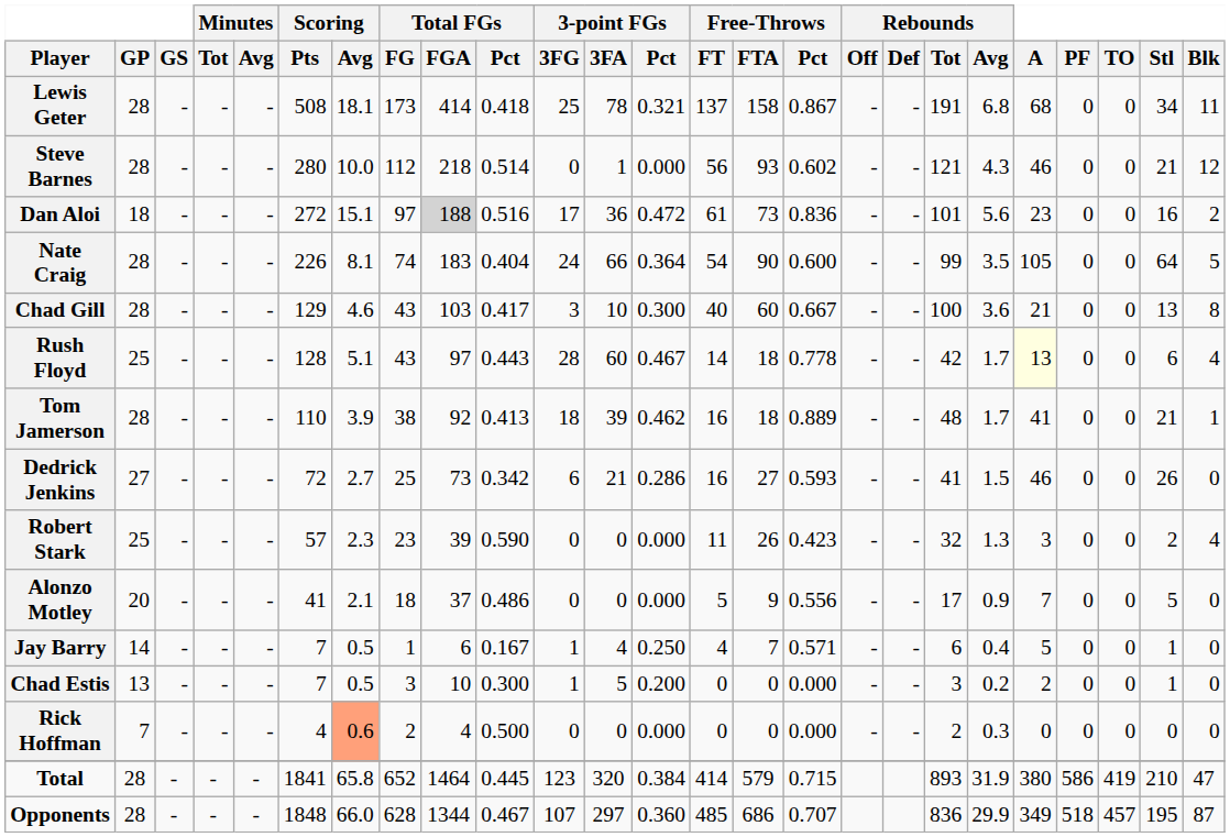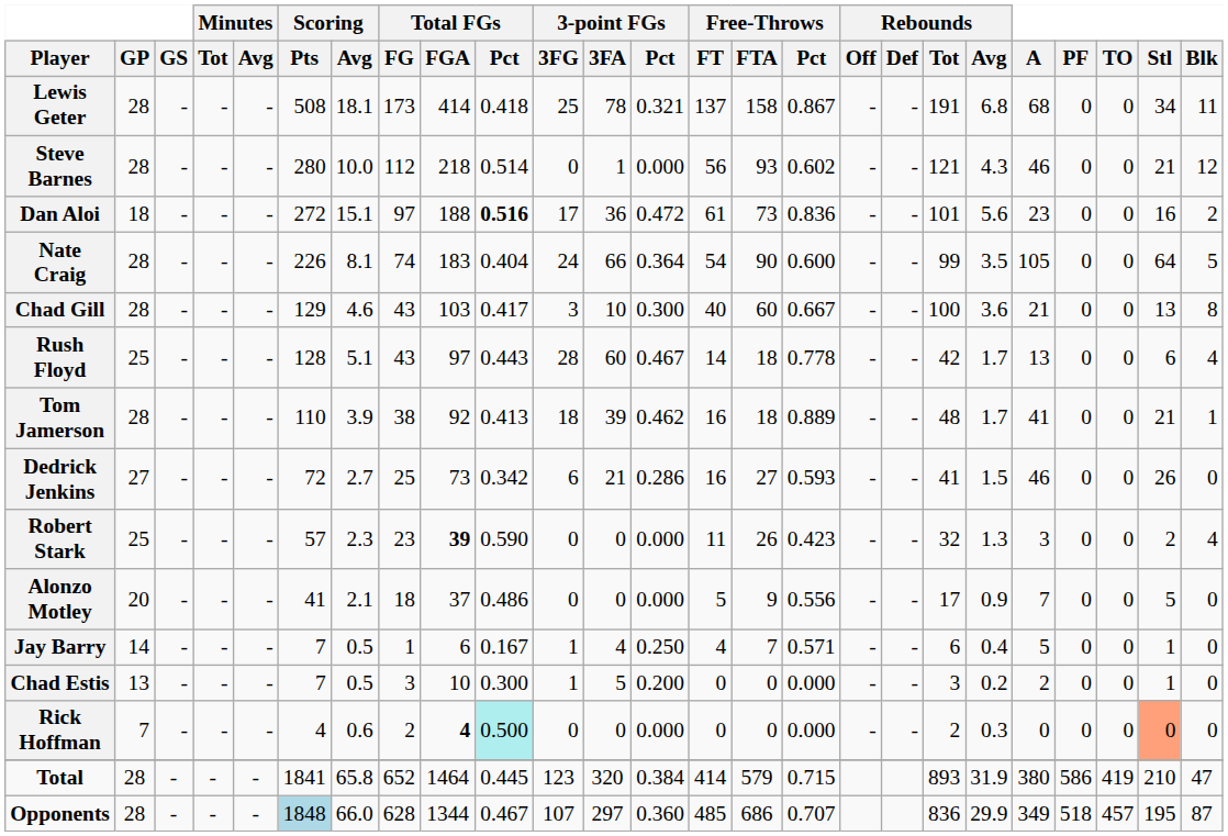 <table class="wikitable sortable" border="1" style="font-size:90%;">
 <tr>
 <th colspan="3" style="border-top-style:hidden; border-left-style:hidden; background: white;"></th>
 <th colspan="2" style=>Minutes</th>
 <th colspan="2" style=>Scoring</th>
 <th colspan="3" style=>Total FGs</th>
 <th colspan="3" style=>3-point FGs</th>
 <th colspan="3" style=>Free-Throws</th>
 <th colspan="4" style=>Rebounds</th>
 <th colspan="5" style="border-top-style:hidden; border-right-style:hidden; background: white;"></th>
 </tr>
 <tr>
 <th scope="col" style=>Player</th>
 <th scope="col" style=>GP</th>
 <th scope="col" style=>GS</th>
 <th scope="col" style=>Tot</th>
 <th scope="col" style=>Avg</th>
 <th scope="col" style=>Pts</th>
 <th scope="col" style=>Avg</th>
 <th scope="col" style=>FG</th>
 <th scope="col" style=>FGA</th>
 <th scope="col" style=>Pct</th>
 <th scope="col" style=>3FG</th>
 <th scope="col" style=>3FA</th>
 <th scope="col" style=>Pct</th>
 <th scope="col" style=>FT</th>
 <th scope="col" style=>FTA</th>
 <th scope="col" style=>Pct</th>
 <th scope="col" style=>Off</th>
 <th scope="col" style=>Def</th>
 <th scope="col" style=>Tot</th>
 <th scope="col" style=>Avg</th>
 <th scope="col" style=>A</th>
 <th scope="col" style=>PF</th>
 <th scope="col" style=>TO</th>
 <th scope="col" style=>Stl</th>
 <th scope="col" style=>Blk</th>
 </tr>
 <tr>
 <th>Lewis Geter</th>
 <td align="right">28</td>
 <td align="right">-</td>
 <td align="right">-</td>
 <td align="right">-</td>
 <td align="right">508</td>
 <td align="right">18.1</td>
 <td align="right">173</td>
 <td align="right">414</td>
 <td align="right">0.418</td>
 <td align="right">25</td>
 <td align="right">78</td>
 <td align="right">0.321</td>
 <td align="right">137</td>
 <td align="right">158</td>
 <td align="right">0.867</td>
 <td align="right">-</td>
 <td align="right">-</td>
 <td align="right">191</td>
 <td align="right">6.8</td>
 <td align="right">68</td>
 <td align="right">0</td>
 <td align="right">0</td>
 <td align="right">34</td>
 <td align="right">11</td>
 </tr>
 <tr>
 <th>Steve Barnes</th>
 <td align="right">28</td>
 <td align="right">-</td>
 <td align="right">-</td>
 <td align="right">-</td>
 <td align="right">280</td>
 <td align="right">10.0</td>
 <td align="right">112</td>
 <td align="right">218</td>
 <td align="right">0.514</td>
 <td align="right">0</td>
 <td align="right">1</td>
 <td align="right">0.000</td>
 <td align="right">56</td>
 <td align="right">93</td>
 <td align="right">0.602</td>
 <td align="right">-</td>
 <td align="right">-</td>
 <td align="right">121</td>
 <td align="right">4.3</td>
 <td align="right">46</td>
 <td align="right">0</td>
 <td align="right">0</td>
 <td align="right">21</td>
 <td align="right">12</td>
 </tr>
 <tr>
 <th>Dan Aloi</th>
 <td align="right">18</td>
 <td align="right">-</td>
 <td align="right">-</td>
 <td align="right">-</td>
 <td align="right">272</td>
 <td align="right">15.1</td>
 <td align="right">97</td>
-<td align="right" style="background: lightgrey;">188</td>
-<td align="right">0.516</td>
+<td align="right">188</td>
+<td align="right"><strong>0.516</strong></td>
 <td align="right">17</td>
 <td align="right">36</td>
 <td align="right">0.472</td>
 <td align="right">61</td>
 <td align="right">73</td>
 <td align="right">0.836</td>
 <td align="right">-</td>
 <td align="right">-</td>
 <td align="right">101</td>
 <td align="right">5.6</td>
 <td align="right">23</td>
 <td align="right">0</td>
 <td align="right">0</td>
 <td align="right">16</td>
 <td align="right">2</td>
 </tr>
 <tr>
 <th>Nate Craig</th>
 <td align="right">28</td>
 <td align="right">-</td>
 <td align="right">-</td>
 <td align="right">-</td>
 <td align="right">226</td>
 <td align="right">8.1</td>
 <td align="right">74</td>
 <td align="right">183</td>
 <td align="right">0.404</td>
 <td align="right">24</td>
 <td align="right">66</td>
 <td align="right">0.364</td>
 <td align="right">54</td>
 <td align="right">90</td>
 <td align="right">0.600</td>
 <td align="right">-</td>
 <td align="right">-</td>
 <td align="right">99</td>
 <td align="right">3.5</td>
 <td align="right">105</td>
 <td align="right">0</td>
 <td align="right">0</td>
 <td align="right">64</td>
 <td align="right">5</td>
 </tr>
 <tr>
 <th>Chad Gill</th>
 <td align="right">28</td>
 <td align="right">-</td>
 <td align="right">-</td>
 <td align="right">-</td>
 <td align="right">129</td>
 <td align="right">4.6</td>
 <td align="right">43</td>
 <td align="right">103</td>
 <td align="right">0.417</td>
 <td align="right">3</td>
 <td align="right">10</td>
 <td align="right">0.300</td>
 <td align="right">40</td>
 <td align="right">60</td>
 <td align="right">0.667</td>
 <td align="right">-</td>
 <td align="right">-</td>
 <td align="right">100</td>
 <td align="right">3.6</td>
 <td align="right">21</td>
 <td align="right">0</td>
 <td align="right">0</td>
 <td align="right">13</td>
 <td align="right">8</td>
 </tr>
 <tr>
 <th>Rush Floyd</th>
 <td align="right">25</td>
 <td align="right">-</td>
 <td align="right">-</td>
 <td align="right">-</td>
 <td align="right">128</td>
 <td align="right">5.1</td>
 <td align="right">43</td>
 <td align="right">97</td>
 <td align="right">0.443</td>
 <td align="right">28</td>
 <td align="right">60</td>
 <td align="right">0.467</td>
 <td align="right">14</td>
 <td align="right">18</td>
 <td align="right">0.778</td>
 <td align="right">-</td>
 <td align="right">-</td>
 <td align="right">42</td>
 <td align="right">1.7</td>
-<td align="right" style="background: lightyellow;">13</td>
+<td align="right">13</td>
 <td align="right">0</td>
 <td align="right">0</td>
 <td align="right">6</td>
 <td align="right">4</td>
 </tr>
 <tr>
 <th>Tom Jamerson</th>
 <td align="right">28</td>
 <td align="right">-</td>
 <td align="right">-</td>
 <td align="right">-</td>
 <td align="right">110</td>
 <td align="right">3.9</td>
 <td align="right">38</td>
 <td align="right">92</td>
 <td align="right">0.413</td>
 <td align="right">18</td>
 <td align="right">39</td>
 <td align="right">0.462</td>
 <td align="right">16</td>
 <td align="right">18</td>
 <td align="right">0.889</td>
 <td align="right">-</td>
 <td align="right">-</td>
 <td align="right">48</td>
 <td align="right">1.7</td>
 <td align="right">41</td>
 <td align="right">0</td>
 <td align="right">0</td>
 <td align="right">21</td>
 <td align="right">1</td>
 </tr>
 <tr>
 <th>Dedrick Jenkins</th>
 <td align="right">27</td>
 <td align="right">-</td>
 <td align="right">-</td>
 <td align="right">-</td>
 <td align="right">72</td>
 <td align="right">2.7</td>
 <td align="right">25</td>
 <td align="right">73</td>
 <td align="right">0.342</td>
 <td align="right">6</td>
 <td align="right">21</td>
 <td align="right">0.286</td>
 <td align="right">16</td>
 <td align="right">27</td>
 <td align="right">0.593</td>
 <td align="right">-</td>
 <td align="right">-</td>
 <td align="right">41</td>
 <td align="right">1.5</td>
 <td align="right">46</td>
 <td align="right">0</td>
 <td align="right">0</td>
 <td align="right">26</td>
 <td align="right">0</td>
 </tr>
 <tr>
 <th>Robert Stark</th>
 <td align="right">25</td>
 <td align="right">-</td>
 <td align="right">-</td>
 <td align="right">-</td>
 <td align="right">57</td>
 <td align="right">2.3</td>
 <td align="right">23</td>
-<td align="right">39</td>
+<td align="right"><strong>39</strong></td>
 <td align="right">0.590</td>
 <td align="right">0</td>
 <td align="right">0</td>
 <td align="right">0.000</td>
 <td align="right">11</td>
 <td align="right">26</td>
 <td align="right">0.423</td>
 <td align="right">-</td>
 <td align="right">-</td>
 <td align="right">32</td>
 <td align="right">1.3</td>
 <td align="right">3</td>
 <td align="right">0</td>
 <td align="right">0</td>
 <td align="right">2</td>
 <td align="right">4</td>
 </tr>
 <tr>
 <th>Alonzo Motley</th>
 <td align="right">20</td>
 <td align="right">-</td>
 <td align="right">-</td>
 <td align="right">-</td>
 <td align="right">41</td>
 <td align="right">2.1</td>
 <td align="right">18</td>
 <td align="right">37</td>
 <td align="right">0.486</td>
 <td align="right">0</td>
 <td align="right">0</td>
 <td align="right">0.000</td>
 <td align="right">5</td>
 <td align="right">9</td>
 <td align="right">0.556</td>
 <td align="right">-</td>
 <td align="right">-</td>
 <td align="right">17</td>
 <td align="right">0.9</td>
 <td align="right">7</td>
 <td align="right">0</td>
 <td align="right">0</td>
 <td align="right">5</td>
 <td align="right">0</td>
 </tr>
 <tr>
 <th>Jay Barry</th>
 <td align="right">14</td>
 <td align="right">-</td>
 <td align="right">-</td>
 <td align="right">-</td>
 <td align="right">7</td>
 <td align="right">0.5</td>
 <td align="right">1</td>
 <td align="right">6</td>
 <td align="right">0.167</td>
 <td align="right">1</td>
 <td align="right">4</td>
 <td align="right">0.250</td>
 <td align="right">4</td>
 <td align="right">7</td>
 <td align="right">0.571</td>
 <td align="right">-</td>
 <td align="right">-</td>
 <td align="right">6</td>
 <td align="right">0.4</td>
 <td align="right">5</td>
 <td align="right">0</td>
 <td align="right">0</td>
 <td align="right">1</td>
 <td align="right">0</td>
 </tr>
 <tr>
 <th>Chad Estis</th>
 <td align="right">13</td>
 <td align="right">-</td>
 <td align="right">-</td>
 <td align="right">-</td>
 <td align="right">7</td>
 <td align="right">0.5</td>
 <td align="right">3</td>
 <td align="right">10</td>
 <td align="right">0.300</td>
 <td align="right">1</td>
 <td align="right">5</td>
 <td align="right">0.200</td>
 <td align="right">0</td>
 <td align="right">0</td>
 <td align="right">0.000</td>
 <td align="right">-</td>
 <td align="right">-</td>
 <td align="right">3</td>
 <td align="right">0.2</td>
 <td align="right">2</td>
 <td align="right">0</td>
 <td align="right">0</td>
 <td align="right">1</td>
 <td align="right">0</td>
 </tr>
 <tr>
 <th>Rick Hoffman</th>
 <td align="right">7</td>
 <td align="right">-</td>
 <td align="right">-</td>
 <td align="right">-</td>
 <td align="right">4</td>
-<td align="right" style="background: lightsalmon;">0.6</td>
+<td align="right">0.6</td>
 <td align="right">2</td>
-<td align="right">4</td>
-<td align="right">0.500</td>
+<td align="right"><strong>4</strong></td>
+<td align="right" style="background: paleturquoise;">0.500</td>
 <td align="right">0</td>
 <td align="right">0</td>
 <td align="right">0.000</td>
 <td align="right">0</td>
 <td align="right">0</td>
 <td align="right">0.000</td>
 <td align="right">-</td>
 <td align="right">-</td>
 <td align="right">2</td>
 <td align="right">0.3</td>
 <td align="right">0</td>
 <td align="right">0</td>
 <td align="right">0</td>
-<td align="right">0</td>
+<td align="right" style="background: lightsalmon;">0</td>
 <td align="right">0</td>
 </tr>
 <tr>
 </tr>
 <tr class="sortbottom">
 <td align="center" style=><strong>Total</strong></td>
 <td align="center" style=>28</td>
 <td align="center" style=>-</td>
 <td align="center" style=>-</td>
 <td align="center" style=>-</td>
 <td align="center" style=>1841</td>
 <td align="center" style=>65.8</td>
 <td align="center" style=>652</td>
 <td align="center" style=>1464</td>
 <td align="center" style=>0.445</td>
 <td align="center" style=>123</td>
 <td align="center" style=>320</td>
 <td align="center" style=>0.384</td>
 <td align="center" style=>414</td>
 <td align="center" style=>579</td>
 <td align="center" style=>0.715</td>
 <td align="center" style=></td>
 <td align="center" style=></td>
 <td align="center" style=>893</td>
 <td align="center" style=>31.9</td>
 <td align="center" style=>380</td>
 <td align="center" style=>586</td>
 <td align="center" style=>419</td>
 <td align="center" style=>210</td>
 <td align="center" style=>47</td>
 </tr>
 <tr class="sortbottom">
 <td align="center"><strong>Opponents</strong></td>
 <td align="center">28</td>
 <td align="center">-</td>
 <td align="center">-</td>
 <td align="center">-</td>
-<td align="center">1848</td>
+<td align="center" style="background: lightblue;">1848</td>
 <td align="center">66.0</td>
 <td align="center">628</td>
 <td align="center">1344</td>
 <td align="center">0.467</td>
 <td align="center">107</td>
 <td align="center">297</td>
 <td align="center">0.360</td>
 <td align="center">485</td>
 <td align="center">686</td>
 <td align="center">0.707</td>
 <td align="center"></td>
 <td align="center"></td>
 <td align="center">836</td>
 <td align="center">29.9</td>
 <td align="center">349</td>
 <td align="center">518</td>
 <td align="center">457</td>
 <td align="center">195</td>
 <td align="center">87</td>
 </tr>
 </table>
